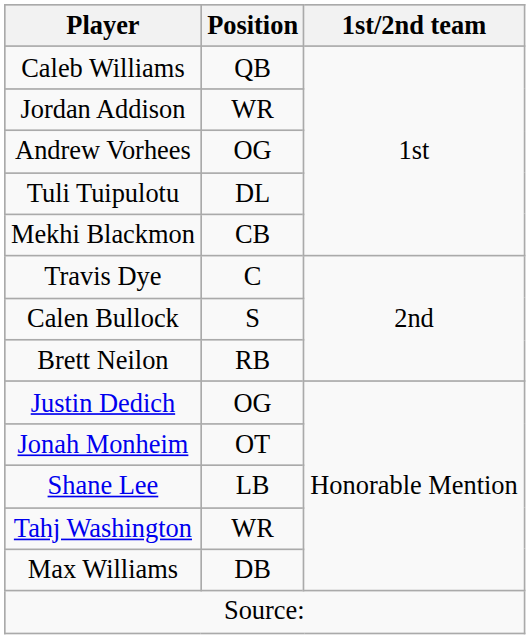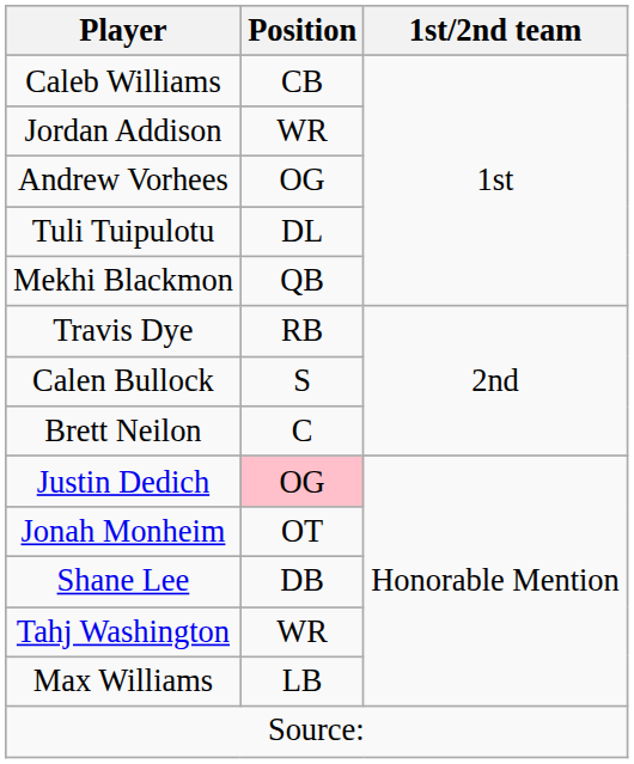 <table class="wikitable" style="text-align: center">
 <tr align=center>
 <th>Player</th>
 <th>Position</th>
 <th>1st/2nd team</th>
 </tr>
 <tr>
 <td>Caleb Williams</td>
-<td>QB</td>
+<td>CB</td>
 <td rowspan="5">1st</td>
 </tr>
 <tr>
 <td>Jordan Addison</td>
 <td>WR</td>
 </tr>
 <tr>
 <td>Andrew Vorhees</td>
 <td>OG</td>
 </tr>
 <tr>
 <td>Tuli Tuipulotu</td>
 <td>DL</td>
 </tr>
 <tr>
 <td>Mekhi Blackmon</td>
-<td>CB</td>
+<td>QB</td>
 </tr>
 <tr>
 <td>Travis Dye</td>
-<td>C</td>
+<td>RB</td>
 <td rowspan="3">2nd</td>
 </tr>
 <tr>
 <td>Calen Bullock</td>
 <td>S</td>
 </tr>
 <tr>
 <td>Brett Neilon</td>
-<td>RB</td>
+<td>C</td>
 </tr>
 <tr>
 <td><a href='#'>Justin Dedich</a></td>
-<td>OG</td>
+<td style="background: pink;">OG</td>
 <td rowspan="5">Honorable Mention</td>
 </tr>
 <tr>
 <td><a href='#'>Jonah Monheim</a></td>
 <td>OT</td>
 </tr>
 <tr>
 <td><a href='#'>Shane Lee</a></td>
-<td>LB</td>
+<td>DB</td>
 </tr>
 <tr>
 <td><a href='#'>Tahj Washington</a></td>
 <td>WR</td>
 </tr>
 <tr>
 <td>Max Williams</td>
-<td>DB</td>
+<td>LB</td>
 </tr>
 <tr>
 <td colspan="3">Source:</td>
 </tr>
 </table>
